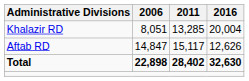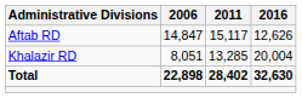 <table class="wikitable">
 <tr>
 <th>Administrative Divisions</th>
 <th>2006</th>
 <th>2011</th>
 <th>2016</th>
 </tr>
 <tr>
+<td><a href='#'>Aftab RD</a></td>
+<td style="text-align: right;">14,847</td>
+<td style="text-align: right;">15,117</td>
+<td style="text-align: right;">12,626</td>
+</tr>
+<tr>
 <td><a href='#'>Khalazir RD</a></td>
 <td style="text-align: right;">8,051</td>
 <td style="text-align: right;">13,285</td>
 <td style="text-align: right;">20,004</td>
-</tr>
-<tr>
-<td><a href='#'>Aftab RD</a></td>
-<td style="text-align: right;">14,847</td>
-<td style="text-align: right;">15,117</td>
-<td style="text-align: right;">12,626</td>
 </tr>
 <tr>
 <td><strong>Total</strong></td>
 <td style="text-align: right;"><strong>22,898</strong></td>
 <td style="text-align: right;"><strong>28,402</strong></td>
 <td style="text-align: right;"><strong>32,630</strong></td>
 </tr>
 <tr>
 <td colspan=4></td>
 </tr>
 </table>
